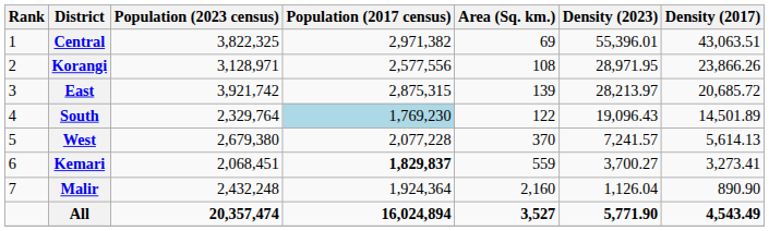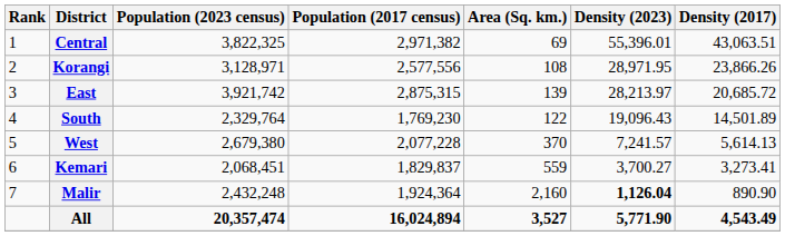 <table class="wikitable" style="text-align: right;">
 <tr>
 <th>Rank</th>
 <th>District</th>
 <th>Population (2023 census)</th>
 <th>Population (2017 census)</th>
 <th>Area (Sq. km.)</th>
 <th>Density (2023)</th>
 <th>Density (2017)</th>
 </tr>
 <tr>
 <td style="text-align: left;">1</td>
 <th><a href='#'>Central</a></th>
 <td>3,822,325</td>
 <td>2,971,382</td>
 <td>69</td>
 <td>55,396.01</td>
 <td>43,063.51</td>
 </tr>
 <tr>
 <td style="text-align: left;">2</td>
 <th><a href='#'>Korangi</a></th>
 <td>3,128,971</td>
 <td>2,577,556</td>
 <td>108</td>
 <td>28,971.95</td>
 <td>23,866.26</td>
 </tr>
 <tr>
 <td style="text-align: left;">3</td>
 <th><a href='#'>East</a></th>
 <td>3,921,742</td>
 <td>2,875,315</td>
 <td>139</td>
 <td>28,213.97</td>
 <td>20,685.72</td>
 </tr>
 <tr>
 <td style="text-align: left;">4</td>
 <th><a href='#'>South</a></th>
 <td>2,329,764</td>
-<td style="background: lightblue;">1,769,230</td>
+<td>1,769,230</td>
 <td>122</td>
 <td>19,096.43</td>
 <td>14,501.89</td>
 </tr>
 <tr>
 <td style="text-align: left;">5</td>
 <th><a href='#'>West</a></th>
 <td>2,679,380</td>
 <td>2,077,228</td>
 <td>370</td>
 <td>7,241.57</td>
 <td>5,614.13</td>
 </tr>
 <tr>
 <td style="text-align: left;">6</td>
 <th><a href='#'>Kemari</a></th>
 <td>2,068,451</td>
-<td><strong>1,829,837</strong></td>
+<td>1,829,837</td>
 <td>559</td>
 <td>3,700.27</td>
 <td>3,273.41</td>
 </tr>
 <tr>
 <td style="text-align: left;">7</td>
 <th><a href='#'>Malir</a></th>
 <td>2,432,248</td>
 <td>1,924,364</td>
 <td>2,160</td>
-<td>1,126.04</td>
+<td><strong>1,126.04</strong></td>
 <td>890.90</td>
 </tr>
 <tr>
 <td style="text-align: left;"></td>
 <th>All</th>
 <td><strong>20,357,474</strong></td>
 <td><strong>16,024,894</strong></td>
 <td><strong>3,527</strong></td>
 <td><strong>5,771.90</strong></td>
 <td><strong>4,543.49</strong></td>
 </tr>
 <tr>
 </tr>
 </table>
